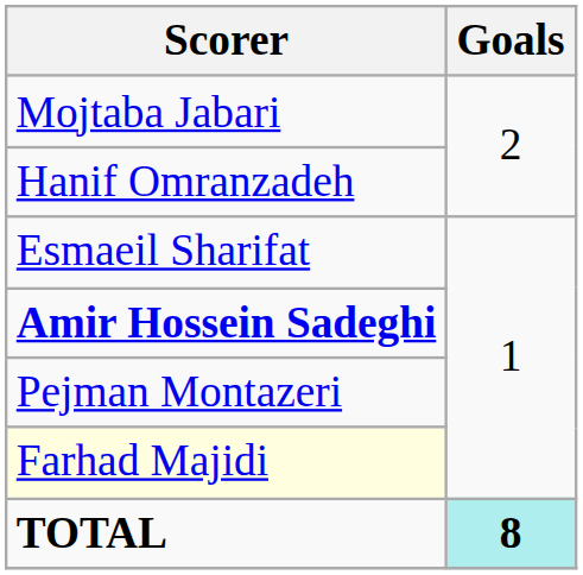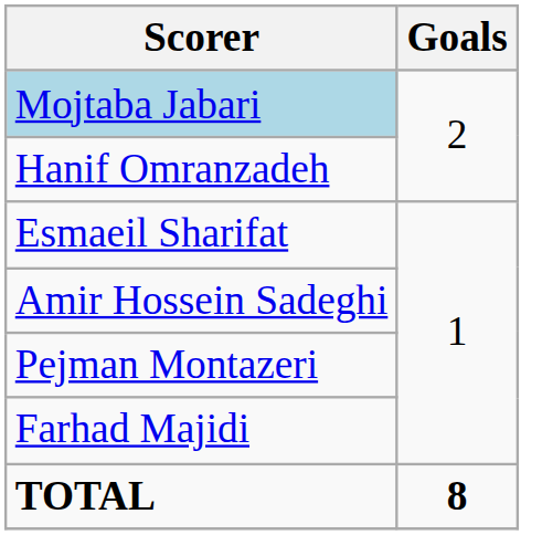 <table class="wikitable">
 <tr>
 <th>Scorer</th>
 <th>Goals</th>
 </tr>
 <tr>
-<td> <a href='#'>Mojtaba Jabari</a></td>
+<td style="background: lightblue;"> <a href='#'>Mojtaba Jabari</a></td>
 <td rowspan="2" align=center>2</td>
 </tr>
 <tr>
 <td> <a href='#'>Hanif Omranzadeh</a></td>
 </tr>
 <tr>
 <td> <a href='#'>Esmaeil Sharifat</a></td>
 <td rowspan="4" align=center>1</td>
 </tr>
 <tr>
-<td><strong> <a href='#'>Amir Hossein Sadeghi</a></strong></td>
+<td> <a href='#'>Amir Hossein Sadeghi</a></td>
 </tr>
 <tr>
 <td> <a href='#'>Pejman Montazeri</a></td>
 </tr>
 <tr>
-<td style="background: lightyellow;"> <a href='#'>Farhad Majidi</a></td>
+<td> <a href='#'>Farhad Majidi</a></td>
 </tr>
 <tr>
 <td><strong>TOTAL</strong></td>
-<td align=center style="background: paleturquoise;"><strong>8</strong></td>
+<td align=center><strong>8</strong></td>
 </tr>
 <tr>
 </tr>
 </table>
